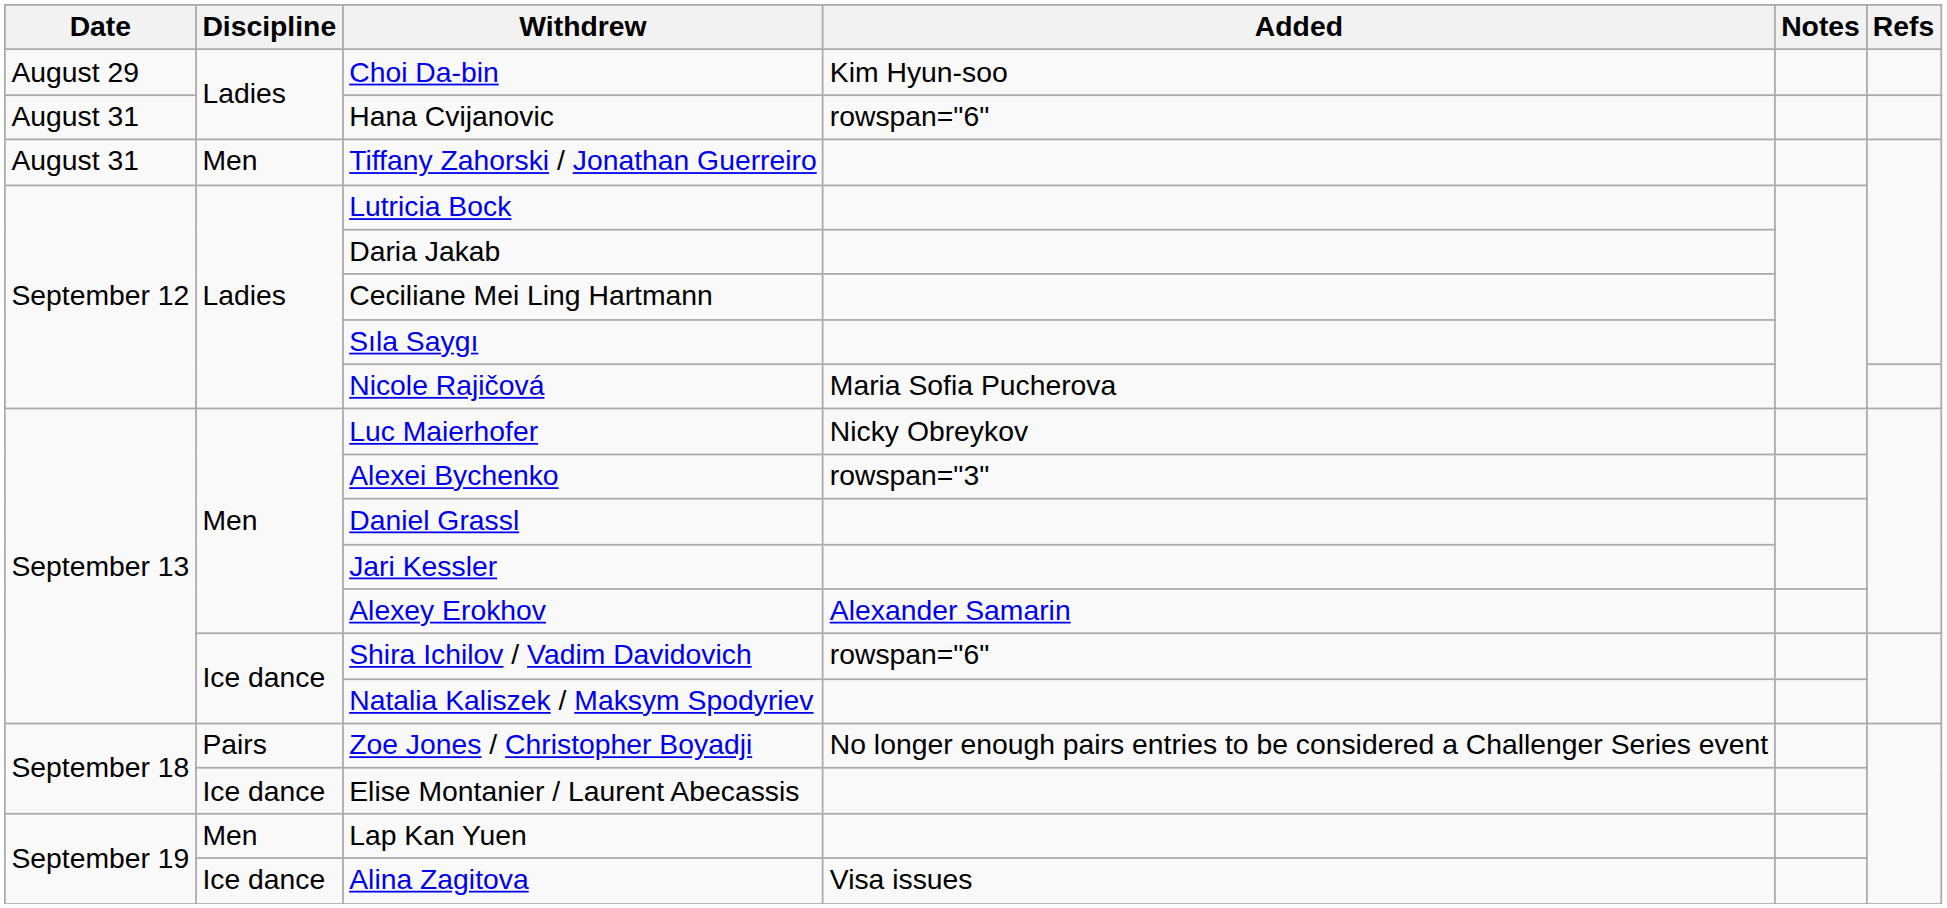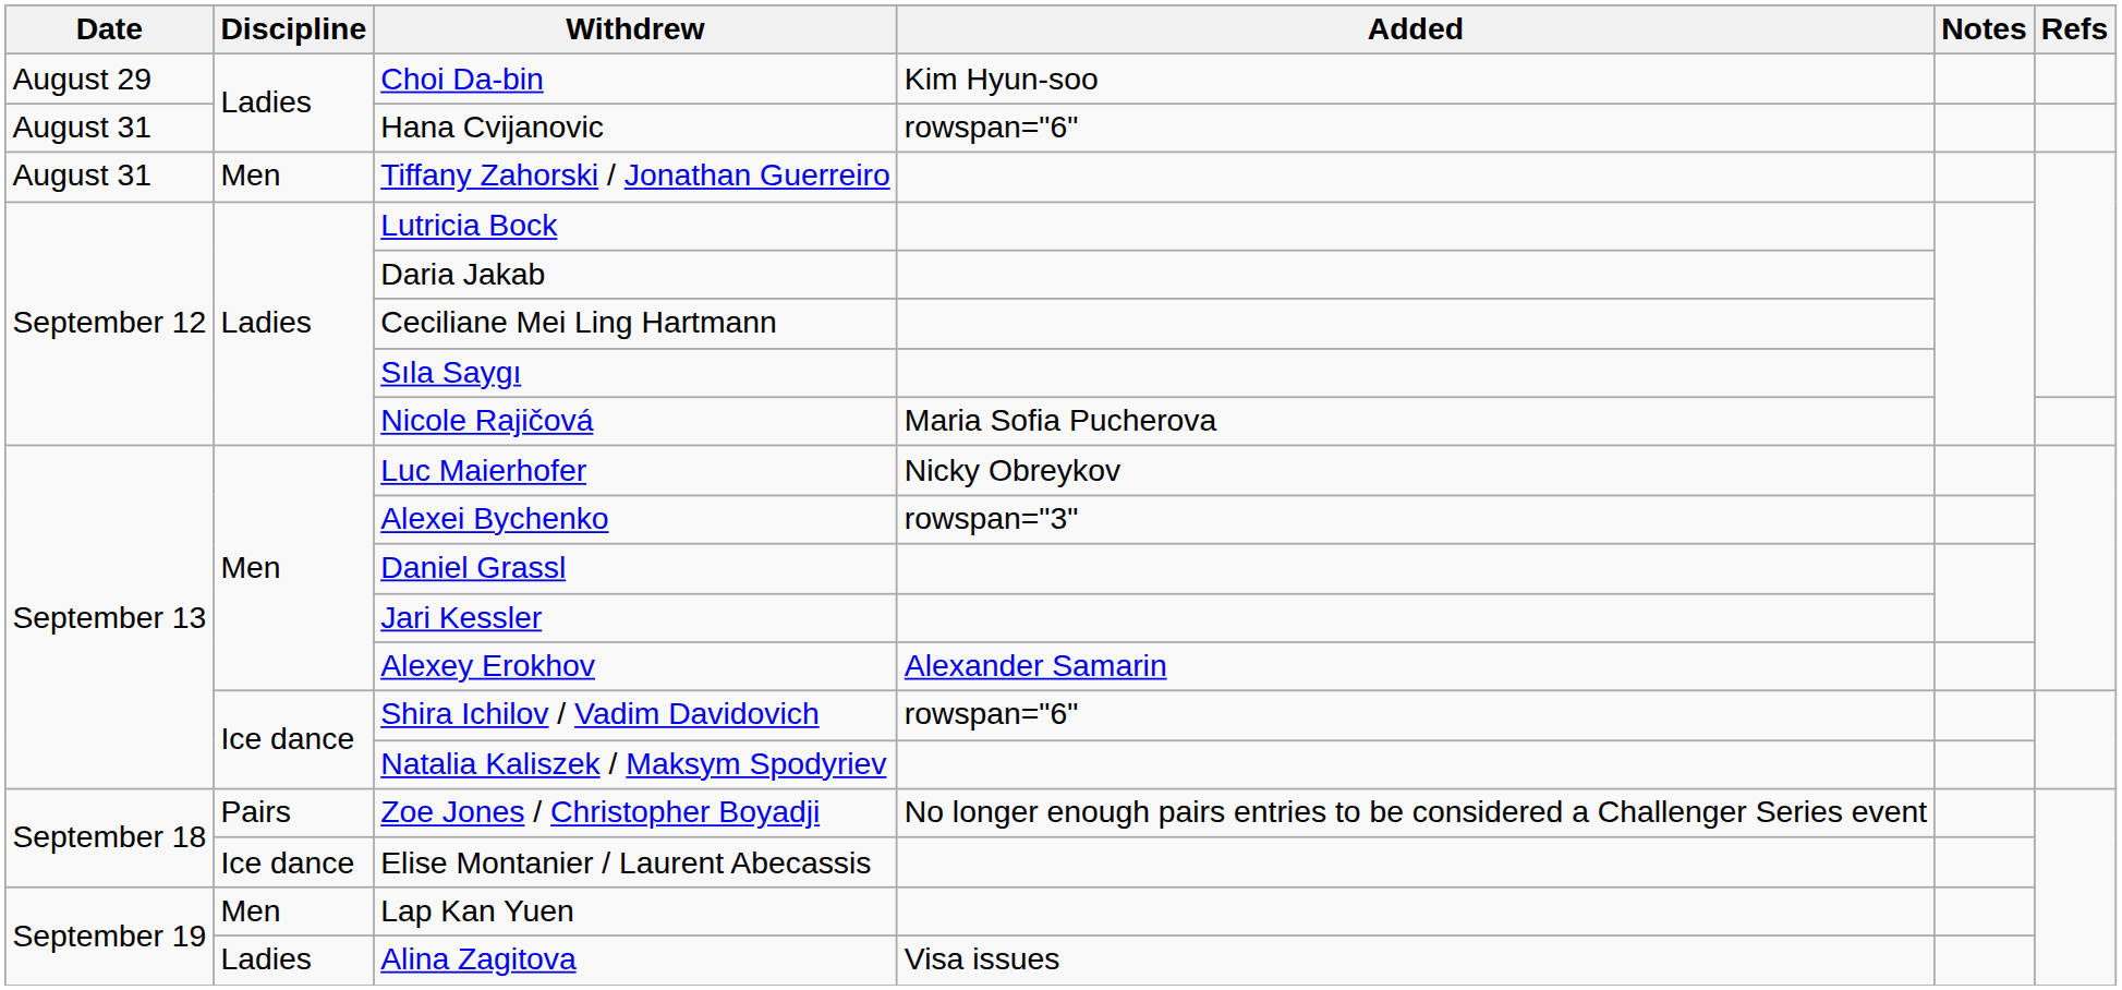 <table class="wikitable sortable">
 <tr>
 <th>Date</th>
 <th>Discipline</th>
 <th>Withdrew</th>
 <th>Added</th>
 <th>Notes</th>
 <th>Refs</th>
 </tr>
 <tr>
 <td>August 29</td>
 <td rowspan="2">Ladies</td>
 <td> <a href='#'>Choi Da-bin</a></td>
 <td> Kim Hyun-soo</td>
 <td></td>
 <td></td>
 </tr>
 <tr>
 <td>August 31</td>
 <td> Hana Cvijanovic</td>
 <td>rowspan="6" </td>
 <td></td>
 <td></td>
 </tr>
 <tr>
 <td>August 31</td>
 <td>Men</td>
 <td> <a href='#'>Tiffany Zahorski</a> / <a href='#'>Jonathan Guerreiro</a></td>
 <td></td>
 <td></td>
 </tr>
 <tr>
 <td rowspan=5>September 12</td>
 <td rowspan=5>Ladies</td>
 <td> <a href='#'>Lutricia Bock</a></td>
 <td></td>
 <td rowspan=5></td>
 </tr>
 <tr>
 <td> Daria Jakab</td>
 <td></td>
 </tr>
 <tr>
 <td> Ceciliane Mei Ling Hartmann</td>
 <td></td>
 </tr>
 <tr>
 <td> <a href='#'>Sıla Saygı</a></td>
 <td></td>
 </tr>
 <tr>
 <td> <a href='#'>Nicole Rajičová</a></td>
 <td> Maria Sofia Pucherova</td>
 <td></td>
 </tr>
 <tr>
 <td rowspan=7>September 13</td>
 <td rowspan=5>Men</td>
 <td> <a href='#'>Luc Maierhofer</a></td>
 <td> Nicky Obreykov</td>
 <td></td>
 <td rowspan=5></td>
 </tr>
 <tr>
 <td> <a href='#'>Alexei Bychenko</a></td>
 <td>rowspan="3" </td>
 <td></td>
 </tr>
 <tr>
 <td> <a href='#'>Daniel Grassl</a></td>
 <td></td>
 </tr>
 <tr>
 <td> <a href='#'>Jari Kessler</a></td>
 <td></td>
 </tr>
 <tr>
 <td> <a href='#'>Alexey Erokhov</a></td>
 <td> <a href='#'>Alexander Samarin</a></td>
 <td></td>
 </tr>
 <tr>
 <td rowspan=2>Ice dance</td>
 <td> <a href='#'>Shira Ichilov</a> / <a href='#'>Vadim Davidovich</a></td>
 <td>rowspan="6" </td>
 <td></td>
 <td rowspan=2></td>
 </tr>
 <tr>
 <td> <a href='#'>Natalia Kaliszek</a> / <a href='#'>Maksym Spodyriev</a></td>
 <td></td>
 </tr>
 <tr>
 <td rowspan=2>September 18</td>
 <td>Pairs</td>
 <td> <a href='#'>Zoe Jones</a> / <a href='#'>Christopher Boyadji</a></td>
 <td>No longer enough pairs entries to be considered a Challenger Series event</td>
 <td></td>
 </tr>
 <tr>
 <td>Ice dance</td>
 <td> Elise Montanier / Laurent Abecassis</td>
 <td></td>
 <td></td>
 </tr>
 <tr>
 <td rowspan=2>September 19</td>
 <td>Men</td>
 <td> Lap Kan Yuen</td>
 <td></td>
 <td></td>
 </tr>
 <tr>
-<td>Ice dance</td>
+<td>Ladies</td>
 <td> <a href='#'>Alina Zagitova</a></td>
 <td>Visa issues</td>
 <td></td>
 </tr>
 </table>
